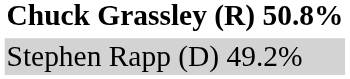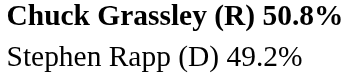 <table>
 <tr>
 <td><strong>Chuck Grassley (R) 50.8%</strong></td>
 </tr>
 <tr>
-<td style="background: lightgrey;">Stephen Rapp (D) 49.2%</td>
+<td>Stephen Rapp (D) 49.2%</td>
 </tr>
 </table>
